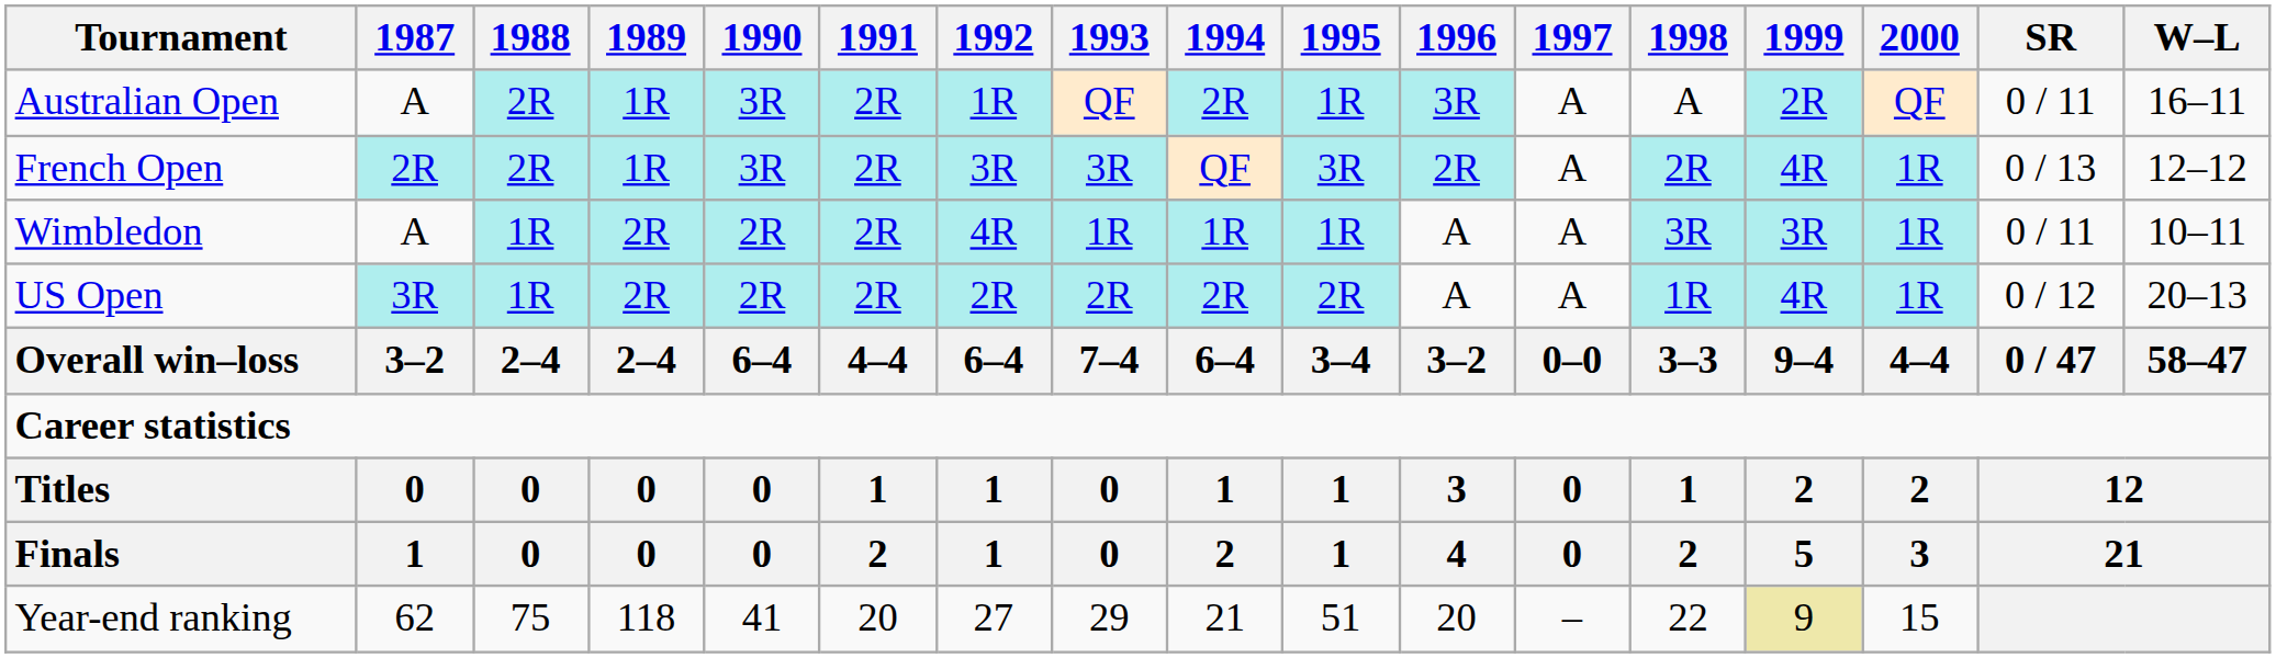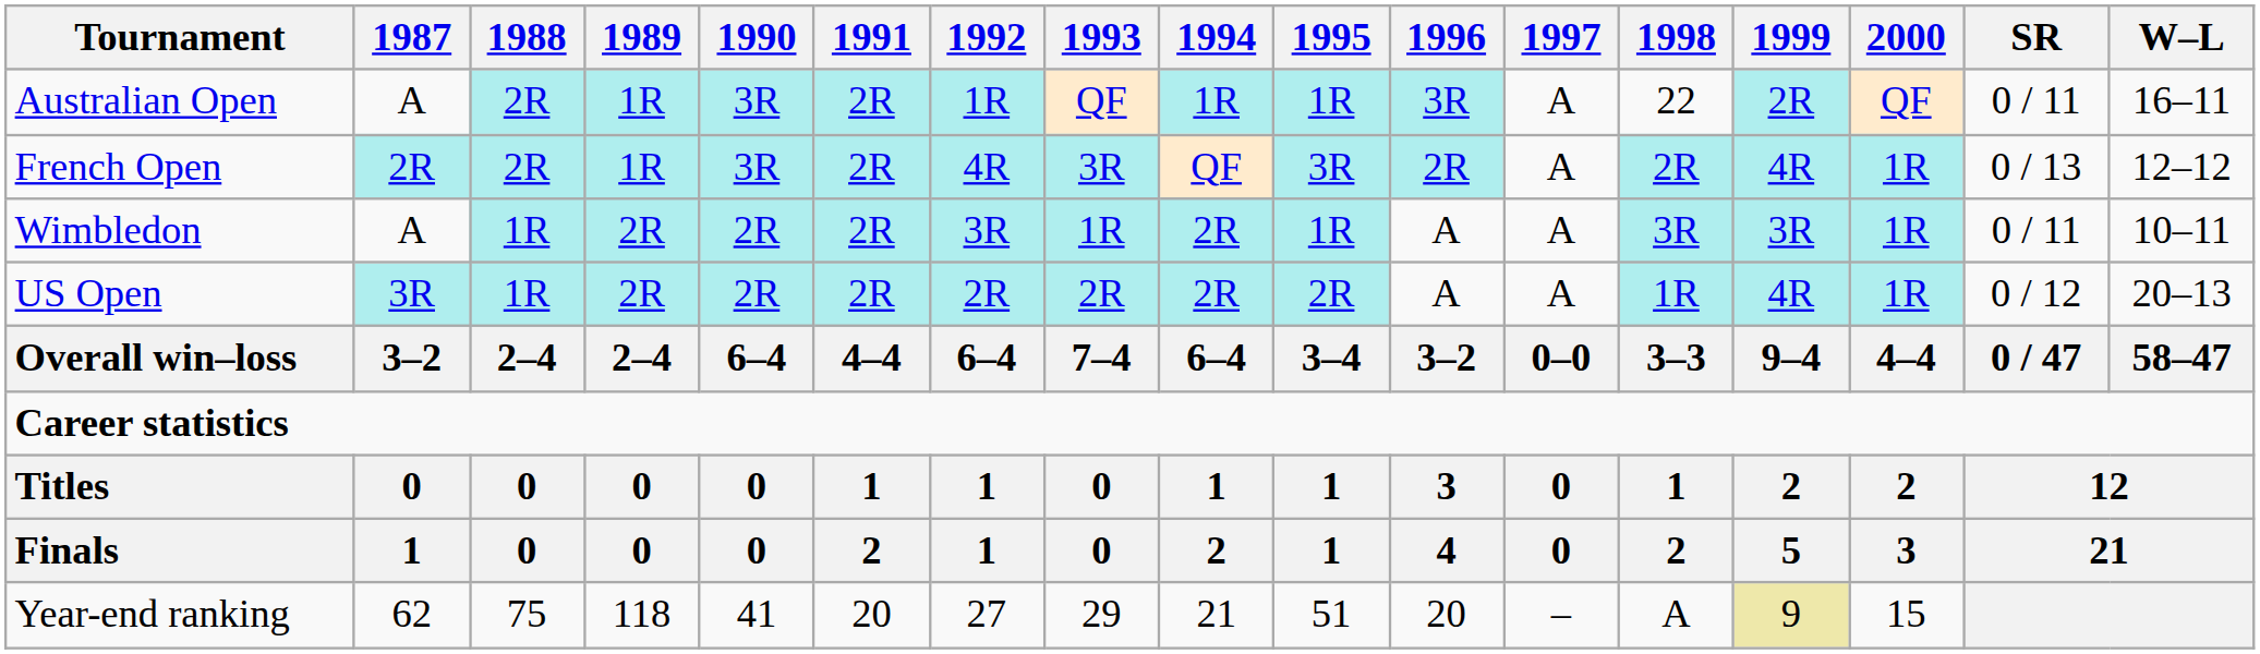 <table class=wikitable style=text-align:center;font-size:98%>
 <tr>
 <th width=130>Tournament</th>
 <th width=38><a href='#'>1987</a></th>
 <th width=38><a href='#'>1988</a></th>
 <th width=38><a href='#'>1989</a></th>
 <th width=38><a href='#'>1990</a></th>
 <th width=38><a href='#'>1991</a></th>
 <th width=38><a href='#'>1992</a></th>
 <th width=38><a href='#'>1993</a></th>
 <th width=38><a href='#'>1994</a></th>
 <th width=38><a href='#'>1995</a></th>
 <th width=38><a href='#'>1996</a></th>
 <th width=38><a href='#'>1997</a></th>
 <th width=38><a href='#'>1998</a></th>
 <th width=38><a href='#'>1999</a></th>
 <th width=38><a href='#'>2000</a></th>
 <th width=50>SR</th>
 <th width=50>W–L</th>
 </tr>
 <tr>
 <td align=left><a href='#'>Australian Open</a></td>
 <td>A</td>
 <td bgcolor=afeeee><a href='#'>2R</a></td>
 <td bgcolor=afeeee><a href='#'>1R</a></td>
 <td bgcolor=afeeee><a href='#'>3R</a></td>
 <td bgcolor=afeeee><a href='#'>2R</a></td>
 <td bgcolor=afeeee><a href='#'>1R</a></td>
 <td bgcolor=ffebcd><a href='#'>QF</a></td>
-<td bgcolor=afeeee><a href='#'>2R</a></td>
+<td bgcolor=afeeee><a href='#'>1R</a></td>
 <td bgcolor=afeeee><a href='#'>1R</a></td>
 <td bgcolor=afeeee><a href='#'>3R</a></td>
 <td>A</td>
-<td>A</td>
+<td>22</td>
 <td bgcolor=afeeee><a href='#'>2R</a></td>
 <td bgcolor=ffebcd><a href='#'>QF</a></td>
 <td>0 / 11</td>
 <td>16–11</td>
 </tr>
 <tr>
 <td align=left><a href='#'>French Open</a></td>
 <td bgcolor=afeeee><a href='#'>2R</a></td>
 <td bgcolor=afeeee><a href='#'>2R</a></td>
 <td bgcolor=afeeee><a href='#'>1R</a></td>
 <td bgcolor=afeeee><a href='#'>3R</a></td>
 <td bgcolor=afeeee><a href='#'>2R</a></td>
-<td bgcolor=afeeee><a href='#'>3R</a></td>
+<td bgcolor=afeeee><a href='#'>4R</a></td>
 <td bgcolor=afeeee><a href='#'>3R</a></td>
 <td bgcolor=ffebcd><a href='#'>QF</a></td>
 <td bgcolor=afeeee><a href='#'>3R</a></td>
 <td bgcolor=afeeee><a href='#'>2R</a></td>
 <td>A</td>
 <td bgcolor=afeeee><a href='#'>2R</a></td>
 <td bgcolor=afeeee><a href='#'>4R</a></td>
 <td bgcolor=afeeee><a href='#'>1R</a></td>
 <td>0 / 13</td>
 <td>12–12</td>
 </tr>
 <tr>
 <td align=left><a href='#'>Wimbledon</a></td>
 <td>A</td>
 <td bgcolor=afeeee><a href='#'>1R</a></td>
 <td bgcolor=afeeee><a href='#'>2R</a></td>
 <td bgcolor=afeeee><a href='#'>2R</a></td>
 <td bgcolor=afeeee><a href='#'>2R</a></td>
-<td bgcolor=afeeee><a href='#'>4R</a></td>
+<td bgcolor=afeeee><a href='#'>3R</a></td>
 <td bgcolor=afeeee><a href='#'>1R</a></td>
-<td bgcolor=afeeee><a href='#'>1R</a></td>
+<td bgcolor=afeeee><a href='#'>2R</a></td>
 <td bgcolor=afeeee><a href='#'>1R</a></td>
 <td>A</td>
 <td>A</td>
 <td bgcolor=afeeee><a href='#'>3R</a></td>
 <td bgcolor=afeeee><a href='#'>3R</a></td>
 <td bgcolor=afeeee><a href='#'>1R</a></td>
 <td>0 / 11</td>
 <td>10–11</td>
 </tr>
 <tr>
 <td align=left><a href='#'>US Open</a></td>
 <td bgcolor=afeeee><a href='#'>3R</a></td>
 <td bgcolor=afeeee><a href='#'>1R</a></td>
 <td bgcolor=afeeee><a href='#'>2R</a></td>
 <td bgcolor=afeeee><a href='#'>2R</a></td>
 <td bgcolor=afeeee><a href='#'>2R</a></td>
 <td bgcolor=afeeee><a href='#'>2R</a></td>
 <td bgcolor=afeeee><a href='#'>2R</a></td>
 <td bgcolor=afeeee><a href='#'>2R</a></td>
 <td bgcolor=afeeee><a href='#'>2R</a></td>
 <td>A</td>
 <td>A</td>
 <td bgcolor=afeeee><a href='#'>1R</a></td>
 <td bgcolor=afeeee><a href='#'>4R</a></td>
 <td bgcolor=afeeee><a href='#'>1R</a></td>
 <td>0 / 12</td>
 <td>20–13</td>
 </tr>
 <tr>
 <th style="text-align:left;">Overall win–loss</th>
 <th>3–2</th>
 <th>2–4</th>
 <th>2–4</th>
 <th>6–4</th>
 <th>4–4</th>
 <th>6–4</th>
 <th>7–4</th>
 <th>6–4</th>
 <th>3–4</th>
 <th>3–2</th>
 <th>0–0</th>
 <th>3–3</th>
 <th>9–4</th>
 <th>4–4</th>
 <th>0 / 47</th>
 <th>58–47</th>
 </tr>
 <tr>
 <td colspan=25 align=left><strong>Career statistics</strong></td>
 </tr>
 <tr>
 <th style=text-align:left>Titles</th>
 <th>0</th>
 <th>0</th>
 <th>0</th>
 <th>0</th>
 <th>1</th>
 <th>1</th>
 <th>0</th>
 <th>1</th>
 <th>1</th>
 <th>3</th>
 <th>0</th>
 <th>1</th>
 <th>2</th>
 <th>2</th>
 <th colspan=2>12</th>
 </tr>
 <tr>
 <th style=text-align:left>Finals</th>
 <th>1</th>
 <th>0</th>
 <th>0</th>
 <th>0</th>
 <th>2</th>
 <th>1</th>
 <th>0</th>
 <th>2</th>
 <th>1</th>
 <th>4</th>
 <th>0</th>
 <th>2</th>
 <th>5</th>
 <th>3</th>
 <th colspan=2>21</th>
 </tr>
 <tr>
 <td align=left>Year-end ranking</td>
 <td>62</td>
 <td>75</td>
 <td>118</td>
 <td>41</td>
 <td>20</td>
 <td>27</td>
 <td>29</td>
 <td>21</td>
 <td>51</td>
 <td>20</td>
 <td>–</td>
-<td>22</td>
+<td>A</td>
 <td bgcolor=#EEE8AA>9</td>
 <td>15</td>
 <th colspan=2></th>
 </tr>
 </table>
